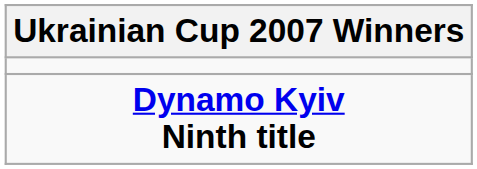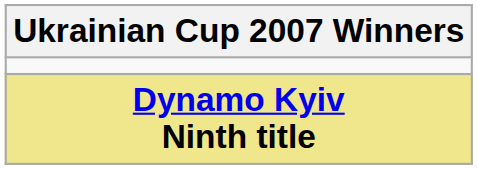 <table class="wikitable" style="text-align: center; margin: 0 auto;">
 <tr>
 <th>Ukrainian Cup 2007 Winners</th>
 </tr>
 <tr>
 <td></td>
 </tr>
 <tr>
-<td><strong><a href='#'>Dynamo Kyiv</a></strong><br><strong>Ninth title</strong></td>
+<td style="background: khaki;"><strong><a href='#'>Dynamo Kyiv</a></strong><br><strong>Ninth title</strong></td>
 </tr>
 </table>
